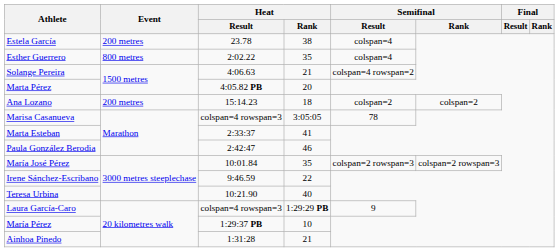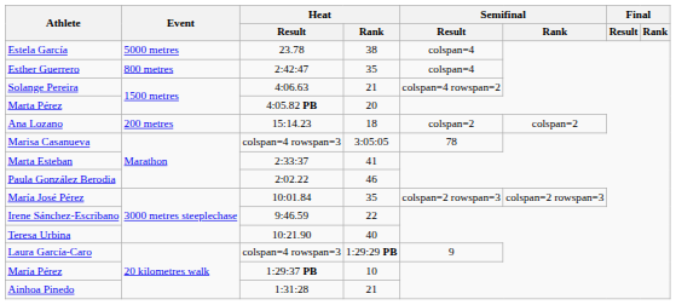 <table class="wikitable" style="font-size:90%">
 <tr>
 <th rowspan="2">Athlete</th>
 <th rowspan="2">Event</th>
 <th colspan="2">Heat</th>
 <th colspan="2">Semifinal</th>
 <th colspan="2">Final</th>
 </tr>
 <tr style="font-size:95%">
 <th>Result</th>
 <th>Rank</th>
 <th>Result</th>
 <th>Rank</th>
 <th>Result</th>
 <th>Rank</th>
 </tr>
 <tr style=text-align:center>
 <td style=text-align:left><a href='#'>Estela García</a></td>
-<td style=text-align:left><a href='#'>200 metres</a></td>
+<td style=text-align:left><a href='#'>5000 metres</a></td>
 <td>23.78</td>
 <td>38</td>
 <td>colspan=4 </td>
 </tr>
 <tr style=text-align:center>
 <td style=text-align:left><a href='#'>Esther Guerrero</a></td>
 <td style=text-align:left><a href='#'>800 metres</a></td>
-<td>2:02.22</td>
+<td>2:42:47</td>
 <td>35</td>
 <td>colspan=4 </td>
 </tr>
 <tr style=text-align:center>
 <td style=text-align:left><a href='#'>Solange Pereira</a></td>
 <td style=text-align:left rowspan=2><a href='#'>1500 metres</a></td>
 <td>4:06.63</td>
 <td>21</td>
 <td>colspan=4  rowspan=2 </td>
 </tr>
 <tr style=text-align:center>
 <td style=text-align:left><a href='#'>Marta Pérez</a></td>
 <td>4:05.82 <strong>PB</strong></td>
 <td>20</td>
 </tr>
 <tr style=text-align:center>
 <td style=text-align:left><a href='#'>Ana Lozano</a></td>
 <td style=text-align:left><a href='#'>200 metres</a></td>
 <td>15:14.23</td>
 <td>18</td>
 <td>colspan=2 </td>
 <td>colspan=2  </td>
 </tr>
 <tr style=text-align:center>
 <td style=text-align:left><a href='#'>Marisa Casanueva</a></td>
 <td style=text-align:left rowspan=3><a href='#'>Marathon</a></td>
 <td>colspan=4 rowspan=3 </td>
 <td>3:05:05</td>
 <td>78</td>
 </tr>
 <tr style=text-align:center>
 <td style=text-align:left><a href='#'>Marta Esteban</a></td>
 <td>2:33:37</td>
 <td>41</td>
 </tr>
 <tr style=text-align:center>
 <td style=text-align:left><a href='#'>Paula González Berodia</a></td>
-<td>2:42:47</td>
+<td>2:02.22</td>
 <td>46</td>
 </tr>
 <tr style=text-align:center>
 <td style=text-align:left><a href='#'>María José Pérez</a></td>
 <td style=text-align:left rowspan=3><a href='#'>3000 metres steeplechase</a></td>
 <td>10:01.84</td>
 <td>35</td>
 <td>colspan=2 rowspan=3 </td>
 <td>colspan=2 rowspan=3 </td>
 </tr>
 <tr style=text-align:center>
 <td style=text-align:left><a href='#'>Irene Sánchez-Escribano</a></td>
 <td>9:46.59</td>
 <td>22</td>
 </tr>
 <tr style=text-align:center>
 <td style=text-align:left><a href='#'>Teresa Urbina</a></td>
 <td>10:21.90</td>
 <td>40</td>
 </tr>
 <tr style=text-align:center>
 <td style=text-align:left><a href='#'>Laura García-Caro</a></td>
 <td style=text-align:left rowspan=3><a href='#'>20 kilometres walk</a></td>
 <td>colspan=4 rowspan=3</td>
 <td>1:29:29 <strong>PB</strong></td>
 <td>9</td>
 </tr>
 <tr style=text-align:center>
 <td style=text-align:left><a href='#'>María Pérez</a></td>
 <td>1:29:37 <strong>PB</strong></td>
 <td>10</td>
 </tr>
 <tr style=text-align:center>
 <td style=text-align:left><a href='#'>Ainhoa Pinedo</a></td>
 <td>1:31:28</td>
 <td>21</td>
 </tr>
 </table>
